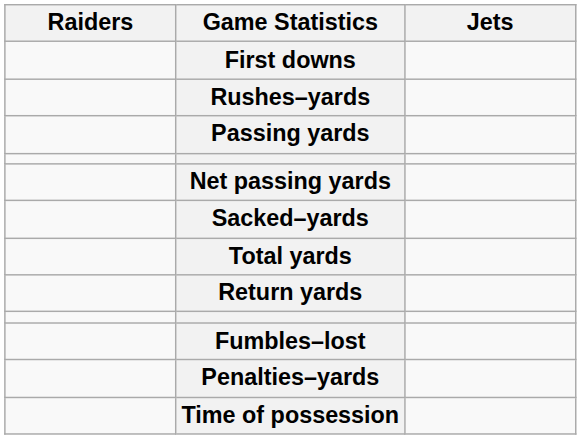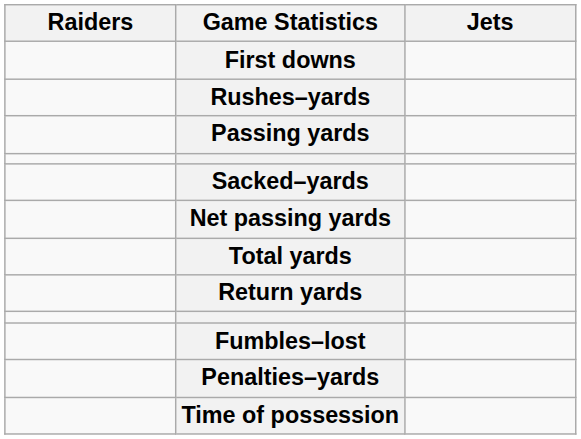 <table class="wikitable" style="margin: 1em auto 1em auto">
 <tr>
 <th style="width:30%;">Raiders</th>
 <th style="width:40%;">Game Statistics</th>
 <th style="width:30%;">Jets</th>
 </tr>
 <tr>
 <td style="text-align:right;"></td>
 <th>First downs</th>
 <td></td>
 </tr>
 <tr>
 <td style="text-align:right;"></td>
 <th>Rushes–yards</th>
 <td></td>
 </tr>
 <tr>
 <td style="text-align:right;"></td>
 <th>Passing yards</th>
 <td></td>
 </tr>
 <tr>
 <td style="text-align:right;"></td>
 <th></th>
 <td></td>
 </tr>
 <tr>
 <td style="text-align:right;"></td>
-<th>Net passing yards</th>
+<th>Sacked–yards</th>
 <td></td>
 </tr>
 <tr>
 <td style="text-align:right;"></td>
-<th>Sacked–yards</th>
+<th>Net passing yards</th>
 <td></td>
 </tr>
 <tr>
 <td style="text-align:right;"></td>
 <th>Total yards</th>
 <td></td>
 </tr>
 <tr>
 <td style="text-align:right;"></td>
 <th>Return yards</th>
 <td></td>
 </tr>
 <tr>
 <td style="text-align:right;"></td>
 <th></th>
 <td></td>
 </tr>
 <tr>
 <td style="text-align:right;"></td>
 <th>Fumbles–lost</th>
 <td></td>
 </tr>
 <tr>
 <td style="text-align:right;"></td>
 <th>Penalties–yards</th>
 <td></td>
 </tr>
 <tr>
 <td style="text-align:right;"></td>
 <th>Time of possession</th>
 <td></td>
 </tr>
 </table>
